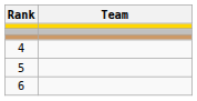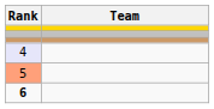 <table class="wikitable">
 <tr>
 <th>Rank</th>
 <th width=170>Team</th>
 </tr>
 <tr bgcolor=gold>
 <td align=center></td>
 <td></td>
 </tr>
 <tr bgcolor=silver>
 <td align=center></td>
 <td></td>
 </tr>
 <tr bgcolor=#cc9966>
 <td align=center></td>
 <td></td>
 </tr>
 <tr>
-<td align=center>4</td>
+<td align=center style="background: lavender;">4</td>
 <td></td>
 </tr>
 <tr>
-<td align=center>5</td>
+<td align=center style="background: lightsalmon;">5</td>
 <td></td>
 </tr>
 <tr>
-<td align=center>6</td>
+<td align=center><strong>6</strong></td>
 <td></td>
 </tr>
 </table>
